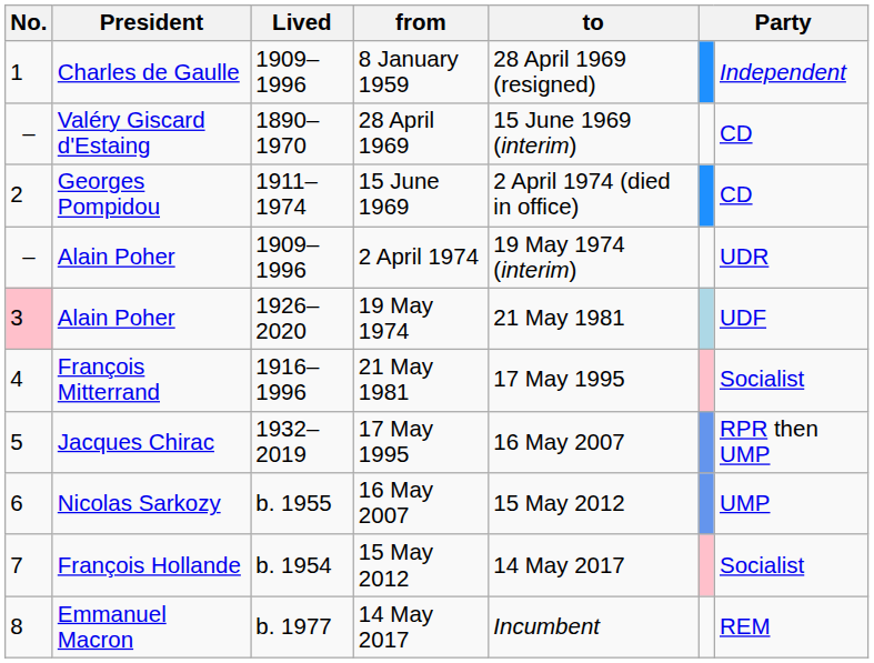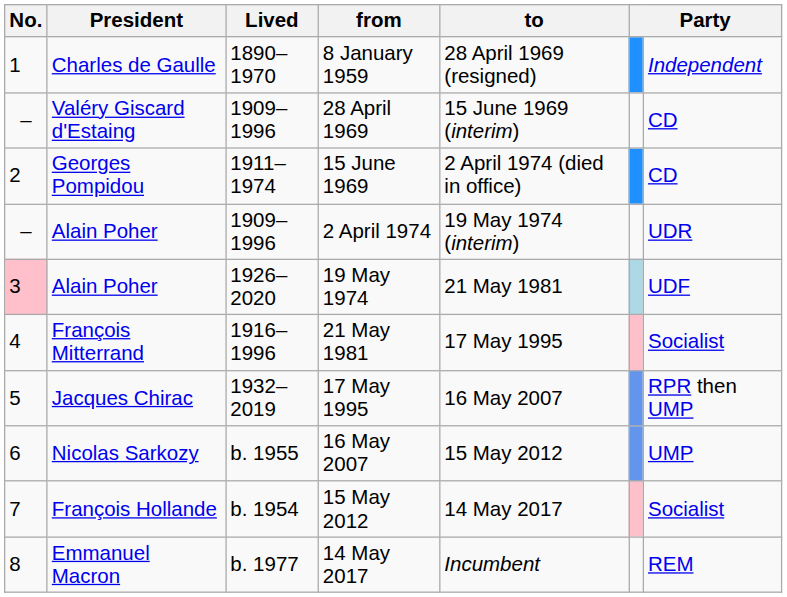 <table class="wikitable">
 <tr style="background:#efefef;">
 <th>No.</th>
 <th>President</th>
 <th>Lived</th>
 <th>from</th>
 <th>to</th>
 <th colspan="2">Party</th>
 </tr>
 <tr>
 <td>1</td>
 <td><a href='#'>Charles de Gaulle</a></td>
-<td>1909–1996</td>
+<td>1890–1970</td>
 <td>8 January 1959</td>
 <td>28 April 1969 (resigned)</td>
 <td style="width: 4px; background:#1E90FF"></td>
 <td><em><a href='#'>Independent</a></em></td>
 </tr>
 <tr>
 <td align=center>–</td>
 <td><a href='#'>Valéry Giscard d'Estaing</a></td>
-<td>1890–1970</td>
+<td>1909–1996</td>
 <td>28 April 1969</td>
 <td>15 June 1969 (<em>interim</em>)</td>
 <td style="background:"></td>
 <td><a href='#'>CD</a></td>
 </tr>
 <tr>
 <td>2</td>
 <td><a href='#'>Georges Pompidou</a></td>
 <td>1911–1974</td>
 <td>15 June 1969</td>
 <td>2 April 1974 (died in office)</td>
 <td style="background:#1E90FF"></td>
 <td><a href='#'>CD</a></td>
 </tr>
 <tr>
 <td align=center>–</td>
 <td><a href='#'>Alain Poher</a></td>
 <td>1909–1996</td>
 <td>2 April 1974</td>
 <td>19 May 1974 (<em>interim</em>)</td>
 <td style="background:"></td>
 <td><a href='#'>UDR</a></td>
 </tr>
 <tr>
 <td style="background: pink;">3</td>
 <td><a href='#'>Alain Poher</a></td>
 <td>1926–2020</td>
 <td>19 May 1974</td>
 <td>21 May 1981</td>
 <td bgcolor=lightblue></td>
 <td><a href='#'>UDF</a></td>
 </tr>
 <tr>
 <td>4</td>
 <td><a href='#'>François Mitterrand</a></td>
 <td>1916–1996</td>
 <td>21 May 1981</td>
 <td>17 May 1995</td>
 <td style="background:pink"></td>
 <td><a href='#'>Socialist</a></td>
 </tr>
 <tr>
 <td>5</td>
 <td><a href='#'>Jacques Chirac</a></td>
 <td>1932–2019</td>
 <td>17 May 1995</td>
 <td>16 May 2007</td>
 <td bgcolor=#6495ED></td>
 <td><a href='#'>RPR</a> then <a href='#'>UMP</a></td>
 </tr>
 <tr>
 <td>6</td>
 <td><a href='#'>Nicolas Sarkozy</a></td>
 <td>b. 1955</td>
 <td>16 May 2007</td>
 <td>15 May 2012</td>
 <td bgcolor=#6495ED></td>
 <td><a href='#'>UMP</a></td>
 </tr>
 <tr>
 <td>7</td>
 <td><a href='#'>François Hollande</a></td>
 <td>b. 1954</td>
 <td>15 May 2012</td>
 <td>14 May 2017</td>
 <td style="background:pink"></td>
 <td><a href='#'>Socialist</a></td>
 </tr>
 <tr>
 <td>8</td>
 <td><a href='#'>Emmanuel Macron</a></td>
 <td>b. 1977</td>
 <td>14 May 2017</td>
 <td><em>Incumbent</em></td>
 <td style="background:"></td>
 <td><a href='#'>REM</a></td>
 </tr>
 </table>
